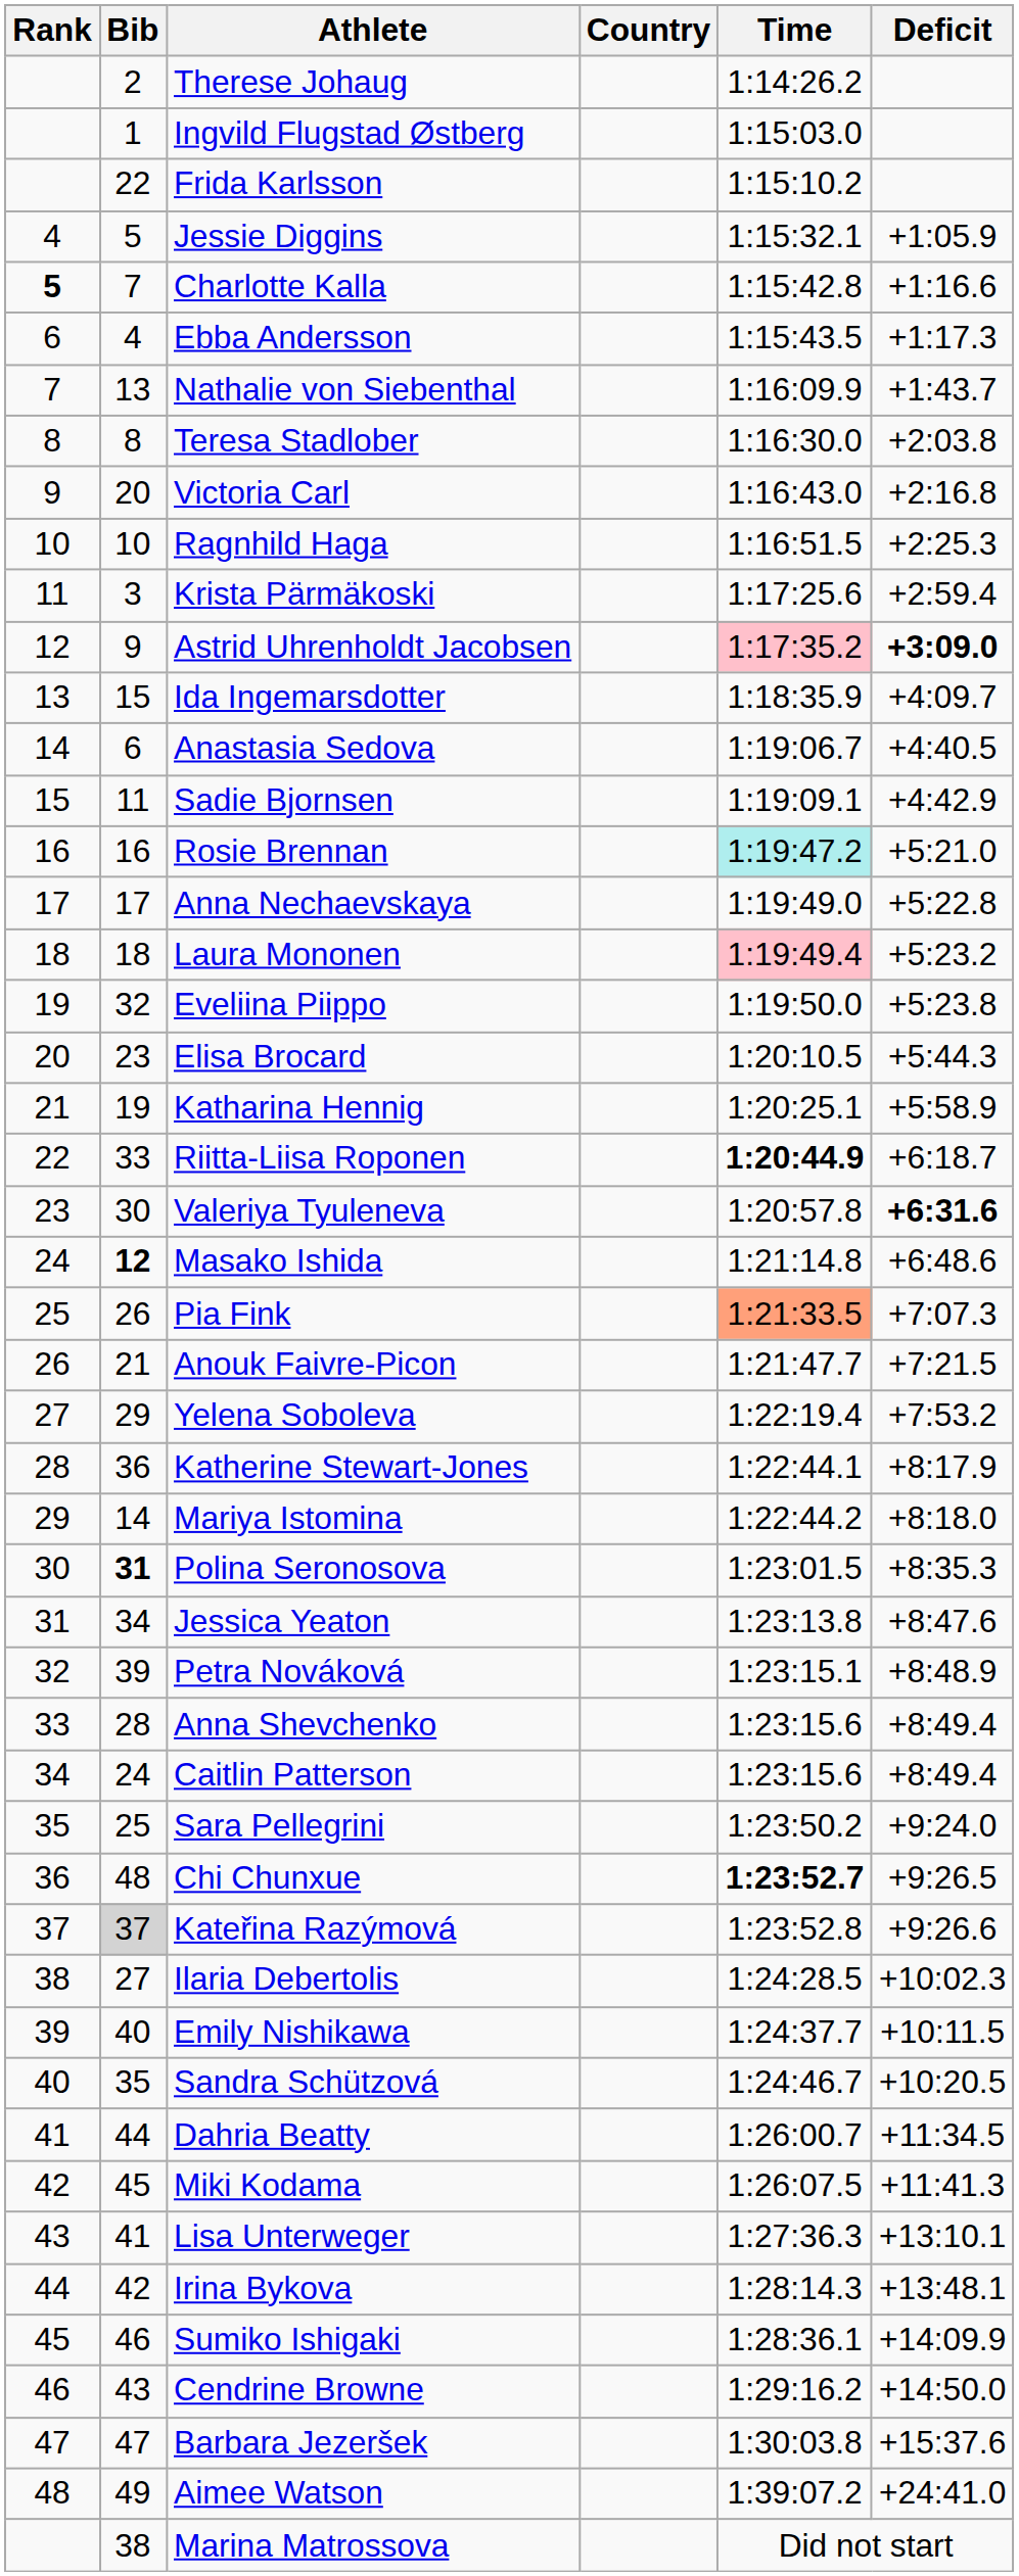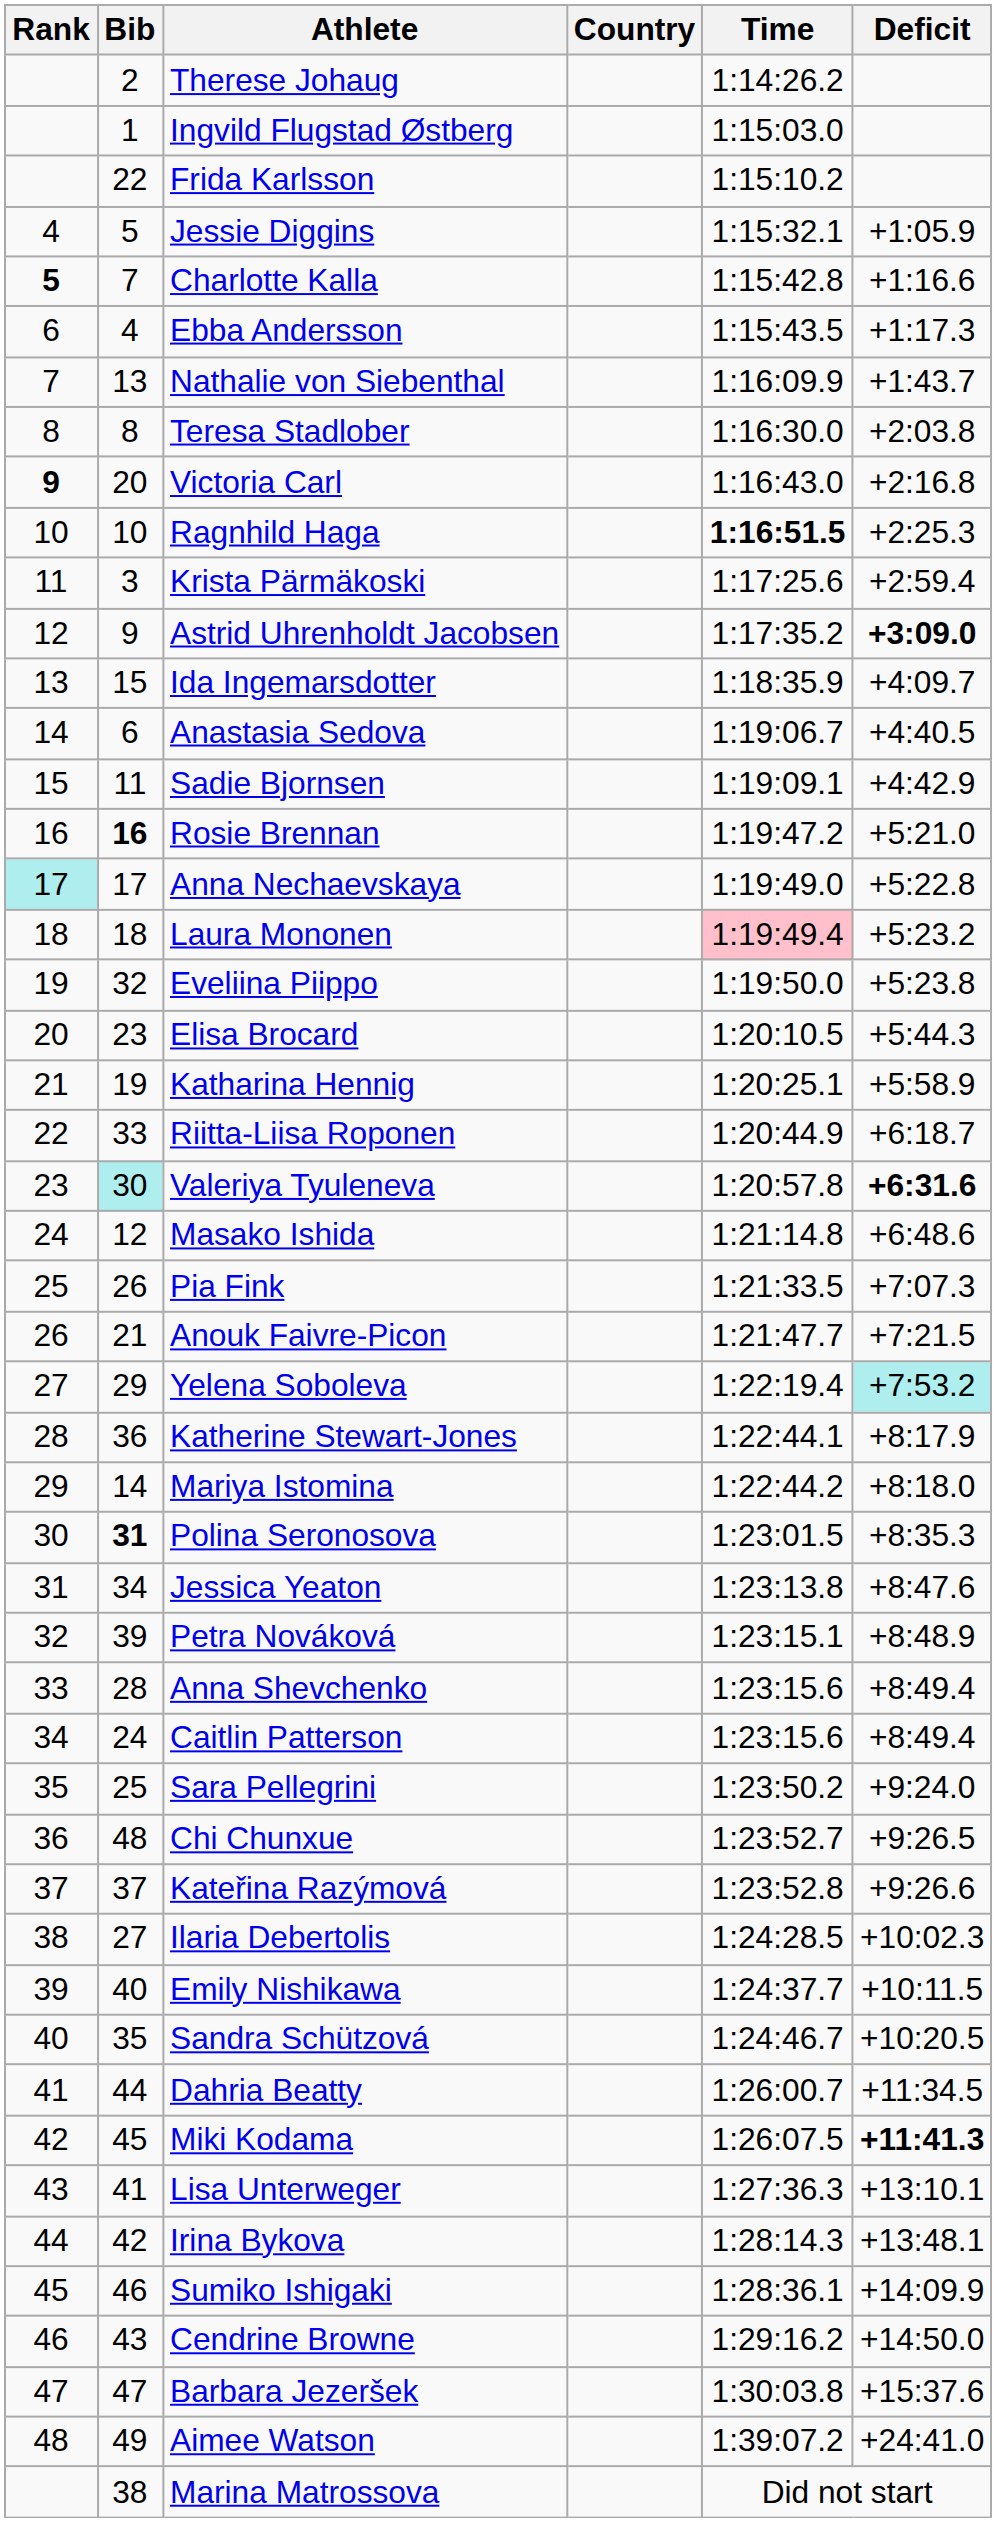 <table class="wikitable sortable" style="text-align:center">
 <tr>
 <th>Rank</th>
 <th>Bib</th>
 <th>Athlete</th>
 <th>Country</th>
 <th>Time</th>
 <th>Deficit</th>
 </tr>
 <tr>
 <td></td>
 <td>2</td>
 <td align=left><a href='#'>Therese Johaug</a></td>
 <td align=left></td>
 <td>1:14:26.2</td>
 <td></td>
 </tr>
 <tr>
 <td></td>
 <td>1</td>
 <td align=left><a href='#'>Ingvild Flugstad Østberg</a></td>
 <td align=left></td>
 <td>1:15:03.0</td>
 <td></td>
 </tr>
 <tr>
 <td></td>
 <td>22</td>
 <td align=left><a href='#'>Frida Karlsson</a></td>
 <td align=left></td>
 <td>1:15:10.2</td>
 <td></td>
 </tr>
 <tr>
 <td>4</td>
 <td>5</td>
 <td align=left><a href='#'>Jessie Diggins</a></td>
 <td align=left></td>
 <td>1:15:32.1</td>
 <td>+1:05.9</td>
 </tr>
 <tr>
 <td><strong>5</strong></td>
 <td>7</td>
 <td align=left><a href='#'>Charlotte Kalla</a></td>
 <td align=left></td>
 <td>1:15:42.8</td>
 <td>+1:16.6</td>
 </tr>
 <tr>
 <td>6</td>
 <td>4</td>
 <td align=left><a href='#'>Ebba Andersson</a></td>
 <td align=left></td>
 <td>1:15:43.5</td>
 <td>+1:17.3</td>
 </tr>
 <tr>
 <td>7</td>
 <td>13</td>
 <td align=left><a href='#'>Nathalie von Siebenthal</a></td>
 <td align=left></td>
 <td>1:16:09.9</td>
 <td>+1:43.7</td>
 </tr>
 <tr>
 <td>8</td>
 <td>8</td>
 <td align=left><a href='#'>Teresa Stadlober</a></td>
 <td align=left></td>
 <td>1:16:30.0</td>
 <td>+2:03.8</td>
 </tr>
 <tr>
-<td>9</td>
+<td><strong>9</strong></td>
 <td>20</td>
 <td align=left><a href='#'>Victoria Carl</a></td>
 <td align=left></td>
 <td>1:16:43.0</td>
 <td>+2:16.8</td>
 </tr>
 <tr>
 <td>10</td>
 <td>10</td>
 <td align=left><a href='#'>Ragnhild Haga</a></td>
 <td align=left></td>
-<td>1:16:51.5</td>
+<td><strong>1:16:51.5</strong></td>
 <td>+2:25.3</td>
 </tr>
 <tr>
 <td>11</td>
 <td>3</td>
 <td align=left><a href='#'>Krista Pärmäkoski</a></td>
 <td align=left></td>
 <td>1:17:25.6</td>
 <td>+2:59.4</td>
 </tr>
 <tr>
 <td>12</td>
 <td>9</td>
 <td align=left><a href='#'>Astrid Uhrenholdt Jacobsen</a></td>
 <td align=left></td>
-<td style="background: pink;">1:17:35.2</td>
+<td>1:17:35.2</td>
 <td><strong>+3:09.0</strong></td>
 </tr>
 <tr>
 <td>13</td>
 <td>15</td>
 <td align=left><a href='#'>Ida Ingemarsdotter</a></td>
 <td align=left></td>
 <td>1:18:35.9</td>
 <td>+4:09.7</td>
 </tr>
 <tr>
 <td>14</td>
 <td>6</td>
 <td align=left><a href='#'>Anastasia Sedova</a></td>
 <td align=left></td>
 <td>1:19:06.7</td>
 <td>+4:40.5</td>
 </tr>
 <tr>
 <td>15</td>
 <td>11</td>
 <td align=left><a href='#'>Sadie Bjornsen</a></td>
 <td align=left></td>
 <td>1:19:09.1</td>
 <td>+4:42.9</td>
 </tr>
 <tr>
 <td>16</td>
-<td>16</td>
+<td><strong>16</strong></td>
 <td align=left><a href='#'>Rosie Brennan</a></td>
 <td align=left></td>
-<td style="background: paleturquoise;">1:19:47.2</td>
+<td>1:19:47.2</td>
 <td>+5:21.0</td>
 </tr>
 <tr>
-<td>17</td>
+<td style="background: paleturquoise;">17</td>
 <td>17</td>
 <td align=left><a href='#'>Anna Nechaevskaya</a></td>
 <td align=left></td>
 <td>1:19:49.0</td>
 <td>+5:22.8</td>
 </tr>
 <tr>
 <td>18</td>
 <td>18</td>
 <td align=left><a href='#'>Laura Mononen</a></td>
 <td align=left></td>
 <td style="background: pink;">1:19:49.4</td>
 <td>+5:23.2</td>
 </tr>
 <tr>
 <td>19</td>
 <td>32</td>
 <td align=left><a href='#'>Eveliina Piippo</a></td>
 <td align=left></td>
 <td>1:19:50.0</td>
 <td>+5:23.8</td>
 </tr>
 <tr>
 <td>20</td>
 <td>23</td>
 <td align=left><a href='#'>Elisa Brocard</a></td>
 <td align=left></td>
 <td>1:20:10.5</td>
 <td>+5:44.3</td>
 </tr>
 <tr>
 <td>21</td>
 <td>19</td>
 <td align=left><a href='#'>Katharina Hennig</a></td>
 <td align=left></td>
 <td>1:20:25.1</td>
 <td>+5:58.9</td>
 </tr>
 <tr>
 <td>22</td>
 <td>33</td>
 <td align=left><a href='#'>Riitta-Liisa Roponen</a></td>
 <td align=left></td>
-<td><strong>1:20:44.9</strong></td>
+<td>1:20:44.9</td>
 <td>+6:18.7</td>
 </tr>
 <tr>
 <td>23</td>
-<td>30</td>
+<td style="background: paleturquoise;">30</td>
 <td align=left><a href='#'>Valeriya Tyuleneva</a></td>
 <td align=left></td>
 <td>1:20:57.8</td>
 <td><strong>+6:31.6</strong></td>
 </tr>
 <tr>
 <td>24</td>
-<td><strong>12</strong></td>
+<td>12</td>
 <td align=left><a href='#'>Masako Ishida</a></td>
 <td align=left></td>
 <td>1:21:14.8</td>
 <td>+6:48.6</td>
 </tr>
 <tr>
 <td>25</td>
 <td>26</td>
 <td align=left><a href='#'>Pia Fink</a></td>
 <td align=left></td>
-<td style="background: lightsalmon;">1:21:33.5</td>
+<td>1:21:33.5</td>
 <td>+7:07.3</td>
 </tr>
 <tr>
 <td>26</td>
 <td>21</td>
 <td align=left><a href='#'>Anouk Faivre-Picon</a></td>
 <td align=left></td>
 <td>1:21:47.7</td>
 <td>+7:21.5</td>
 </tr>
 <tr>
 <td>27</td>
 <td>29</td>
 <td align=left><a href='#'>Yelena Soboleva</a></td>
 <td align=left></td>
 <td>1:22:19.4</td>
-<td>+7:53.2</td>
+<td style="background: paleturquoise;">+7:53.2</td>
 </tr>
 <tr>
 <td>28</td>
 <td>36</td>
 <td align=left><a href='#'>Katherine Stewart-Jones</a></td>
 <td align=left></td>
 <td>1:22:44.1</td>
 <td>+8:17.9</td>
 </tr>
 <tr>
 <td>29</td>
 <td>14</td>
 <td align=left><a href='#'>Mariya Istomina</a></td>
 <td align=left></td>
 <td>1:22:44.2</td>
 <td>+8:18.0</td>
 </tr>
 <tr>
 <td>30</td>
 <td><strong>31</strong></td>
 <td align=left><a href='#'>Polina Seronosova</a></td>
 <td align=left></td>
 <td>1:23:01.5</td>
 <td>+8:35.3</td>
 </tr>
 <tr>
 <td>31</td>
 <td>34</td>
 <td align=left><a href='#'>Jessica Yeaton</a></td>
 <td align=left></td>
 <td>1:23:13.8</td>
 <td>+8:47.6</td>
 </tr>
 <tr>
 <td>32</td>
 <td>39</td>
 <td align=left><a href='#'>Petra Nováková</a></td>
 <td align=left></td>
 <td>1:23:15.1</td>
 <td>+8:48.9</td>
 </tr>
 <tr>
 <td>33</td>
 <td>28</td>
 <td align=left><a href='#'>Anna Shevchenko</a></td>
 <td align=left></td>
 <td>1:23:15.6</td>
 <td>+8:49.4</td>
 </tr>
 <tr>
 <td>34</td>
 <td>24</td>
 <td align=left><a href='#'>Caitlin Patterson</a></td>
 <td align=left></td>
 <td>1:23:15.6</td>
 <td>+8:49.4</td>
 </tr>
 <tr>
 <td>35</td>
 <td>25</td>
 <td align=left><a href='#'>Sara Pellegrini</a></td>
 <td align=left></td>
 <td>1:23:50.2</td>
 <td>+9:24.0</td>
 </tr>
 <tr>
 <td>36</td>
 <td>48</td>
 <td align=left><a href='#'>Chi Chunxue</a></td>
 <td align=left></td>
-<td><strong>1:23:52.7</strong></td>
+<td>1:23:52.7</td>
 <td>+9:26.5</td>
 </tr>
 <tr>
 <td>37</td>
-<td style="background: lightgrey;">37</td>
+<td>37</td>
 <td align=left><a href='#'>Kateřina Razýmová</a></td>
 <td align=left></td>
 <td>1:23:52.8</td>
 <td>+9:26.6</td>
 </tr>
 <tr>
 <td>38</td>
 <td>27</td>
 <td align=left><a href='#'>Ilaria Debertolis</a></td>
 <td align=left></td>
 <td>1:24:28.5</td>
 <td>+10:02.3</td>
 </tr>
 <tr>
 <td>39</td>
 <td>40</td>
 <td align=left><a href='#'>Emily Nishikawa</a></td>
 <td align=left></td>
 <td>1:24:37.7</td>
 <td>+10:11.5</td>
 </tr>
 <tr>
 <td>40</td>
 <td>35</td>
 <td align=left><a href='#'>Sandra Schützová</a></td>
 <td align=left></td>
 <td>1:24:46.7</td>
 <td>+10:20.5</td>
 </tr>
 <tr>
 <td>41</td>
 <td>44</td>
 <td align=left><a href='#'>Dahria Beatty</a></td>
 <td align=left></td>
 <td>1:26:00.7</td>
 <td>+11:34.5</td>
 </tr>
 <tr>
 <td>42</td>
 <td>45</td>
 <td align=left><a href='#'>Miki Kodama</a></td>
 <td align=left></td>
 <td>1:26:07.5</td>
-<td>+11:41.3</td>
+<td><strong>+11:41.3</strong></td>
 </tr>
 <tr>
 <td>43</td>
 <td>41</td>
 <td align=left><a href='#'>Lisa Unterweger</a></td>
 <td align=left></td>
 <td>1:27:36.3</td>
 <td>+13:10.1</td>
 </tr>
 <tr>
 <td>44</td>
 <td>42</td>
 <td align=left><a href='#'>Irina Bykova</a></td>
 <td align=left></td>
 <td>1:28:14.3</td>
 <td>+13:48.1</td>
 </tr>
 <tr>
 <td>45</td>
 <td>46</td>
 <td align=left><a href='#'>Sumiko Ishigaki</a></td>
 <td align=left></td>
 <td>1:28:36.1</td>
 <td>+14:09.9</td>
 </tr>
 <tr>
 <td>46</td>
 <td>43</td>
 <td align=left><a href='#'>Cendrine Browne</a></td>
 <td align=left></td>
 <td>1:29:16.2</td>
 <td>+14:50.0</td>
 </tr>
 <tr>
 <td>47</td>
 <td>47</td>
 <td align=left><a href='#'>Barbara Jezeršek</a></td>
 <td align=left></td>
 <td>1:30:03.8</td>
 <td>+15:37.6</td>
 </tr>
 <tr>
 <td>48</td>
 <td>49</td>
 <td align=left><a href='#'>Aimee Watson</a></td>
 <td align=left></td>
 <td>1:39:07.2</td>
 <td>+24:41.0</td>
 </tr>
 <tr>
 <td></td>
 <td>38</td>
 <td align=left><a href='#'>Marina Matrossova</a></td>
 <td align=left></td>
 <td colspan=2>Did not start</td>
 </tr>
 </table>
